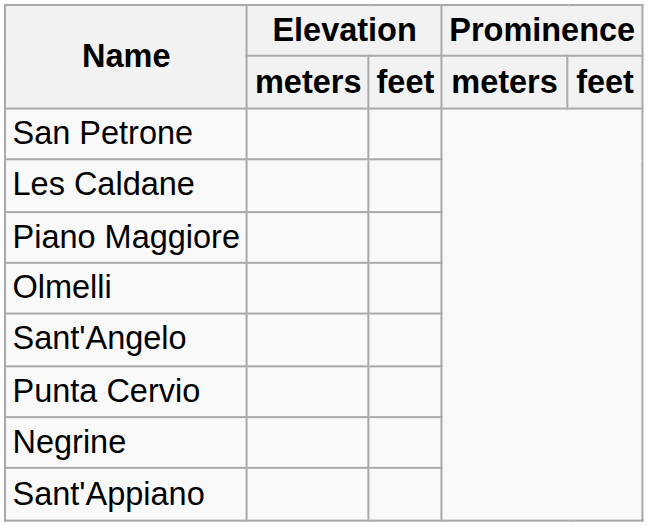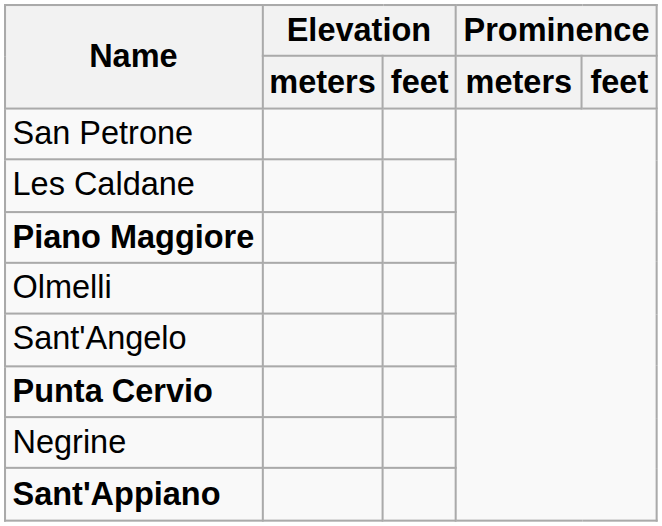 <table class="wikitable sortable">
 <tr>
 <th rowspan=2>Name</th>
 <th colspan=2>Elevation</th>
 <th colspan=2>Prominence</th>
 </tr>
 <tr>
 <th>meters</th>
 <th>feet</th>
 <th>meters</th>
 <th>feet</th>
 </tr>
 <tr>
 <td>San Petrone</td>
 <td></td>
 <td></td>
 </tr>
 <tr>
 <td>Les Caldane</td>
 <td></td>
 <td></td>
 </tr>
 <tr>
-<td>Piano Maggiore</td>
+<td><strong>Piano Maggiore</strong></td>
 <td></td>
 <td></td>
 </tr>
 <tr>
 <td>Olmelli</td>
 <td></td>
 <td></td>
 </tr>
 <tr>
 <td>Sant'Angelo</td>
 <td></td>
 <td></td>
 </tr>
 <tr>
-<td>Punta Cervio</td>
+<td><strong>Punta Cervio</strong></td>
 <td></td>
 <td></td>
 </tr>
 <tr>
 <td>Negrine</td>
 <td></td>
 <td></td>
 </tr>
 <tr>
-<td>Sant'Appiano</td>
+<td><strong>Sant'Appiano</strong></td>
 <td></td>
 <td></td>
 </tr>
 </table>
